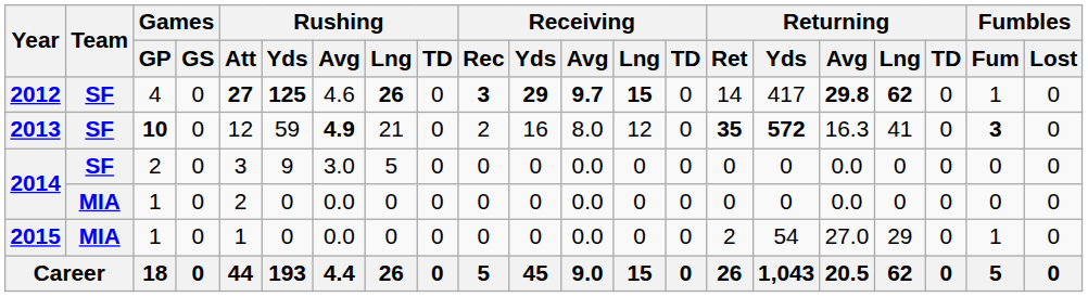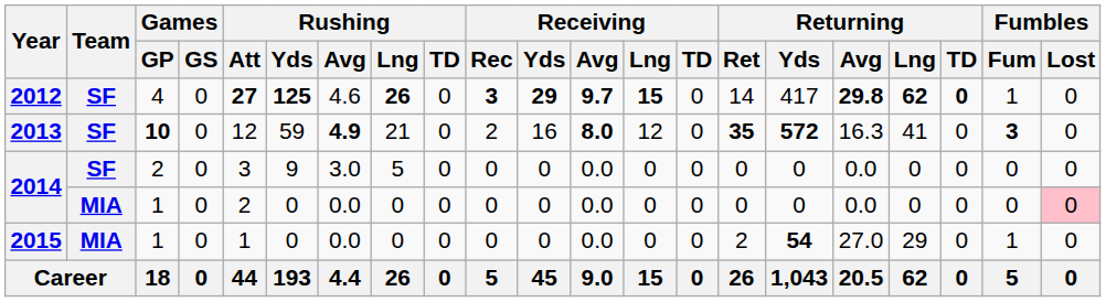 <table class= "wikitable" style="text-align:center;">
 <tr>
 <th rowspan="2">Year</th>
 <th rowspan="2">Team</th>
 <th colspan="2">Games</th>
 <th colspan="5">Rushing</th>
 <th colspan="5">Receiving</th>
 <th colspan="5">Returning</th>
 <th colspan="2">Fumbles</th>
 </tr>
 <tr>
 <th>GP</th>
 <th>GS</th>
 <th>Att</th>
 <th>Yds</th>
 <th>Avg</th>
 <th>Lng</th>
 <th>TD</th>
 <th>Rec</th>
 <th>Yds</th>
 <th>Avg</th>
 <th>Lng</th>
 <th>TD</th>
 <th>Ret</th>
 <th>Yds</th>
 <th>Avg</th>
 <th>Lng</th>
 <th>TD</th>
 <th>Fum</th>
 <th>Lost</th>
 </tr>
 <tr>
 <th><a href='#'>2012</a></th>
 <th><a href='#'>SF</a></th>
 <td>4</td>
 <td>0</td>
 <td><strong>27</strong></td>
 <td><strong>125</strong></td>
 <td>4.6</td>
 <td><strong>26</strong></td>
 <td>0</td>
 <td><strong>3</strong></td>
 <td><strong>29</strong></td>
 <td><strong>9.7</strong></td>
 <td><strong>15</strong></td>
 <td>0</td>
 <td>14</td>
 <td>417</td>
 <td><strong>29.8</strong></td>
 <td><strong>62</strong></td>
-<td>0</td>
+<td><strong>0</strong></td>
 <td>1</td>
 <td>0</td>
 </tr>
 <tr>
 <th><a href='#'>2013</a></th>
 <th><a href='#'>SF</a></th>
 <td><strong>10</strong></td>
 <td>0</td>
 <td>12</td>
 <td>59</td>
 <td><strong>4.9</strong></td>
 <td>21</td>
 <td>0</td>
 <td>2</td>
 <td>16</td>
-<td>8.0</td>
+<td><strong>8.0</strong></td>
 <td>12</td>
 <td>0</td>
 <td><strong>35</strong></td>
 <td><strong>572</strong></td>
 <td>16.3</td>
 <td>41</td>
 <td>0</td>
 <td><strong>3</strong></td>
 <td>0</td>
 </tr>
 <tr>
 <th rowspan="2"><a href='#'>2014</a></th>
 <th><a href='#'>SF</a></th>
 <td>2</td>
 <td>0</td>
 <td>3</td>
 <td>9</td>
 <td>3.0</td>
 <td>5</td>
 <td>0</td>
 <td>0</td>
 <td>0</td>
 <td>0.0</td>
 <td>0</td>
 <td>0</td>
 <td>0</td>
 <td>0</td>
 <td>0.0</td>
 <td>0</td>
 <td>0</td>
 <td>0</td>
 <td>0</td>
 </tr>
 <tr>
 <th><a href='#'>MIA</a></th>
 <td>1</td>
 <td>0</td>
 <td>2</td>
 <td>0</td>
 <td>0.0</td>
 <td>0</td>
 <td>0</td>
 <td>0</td>
 <td>0</td>
 <td>0.0</td>
 <td>0</td>
 <td>0</td>
 <td>0</td>
 <td>0</td>
 <td>0.0</td>
 <td>0</td>
 <td>0</td>
 <td>0</td>
-<td>0</td>
+<td style="background: pink;">0</td>
 </tr>
 <tr>
 <th><a href='#'>2015</a></th>
 <th><a href='#'>MIA</a></th>
 <td>1</td>
 <td>0</td>
 <td>1</td>
 <td>0</td>
 <td>0.0</td>
 <td>0</td>
 <td>0</td>
 <td>0</td>
 <td>0</td>
 <td>0.0</td>
 <td>0</td>
 <td>0</td>
 <td>2</td>
-<td>54</td>
+<td><strong>54</strong></td>
 <td>27.0</td>
 <td>29</td>
 <td>0</td>
 <td>1</td>
 <td>0</td>
 </tr>
 <tr>
 <th colspan="2">Career</th>
 <th>18</th>
 <th>0</th>
 <th>44</th>
 <th>193</th>
 <th>4.4</th>
 <th>26</th>
 <th>0</th>
 <th>5</th>
 <th>45</th>
 <th>9.0</th>
 <th>15</th>
 <th>0</th>
 <th>26</th>
 <th>1,043</th>
 <th>20.5</th>
 <th>62</th>
 <th>0</th>
 <th>5</th>
 <th>0</th>
 </tr>
 </table>
